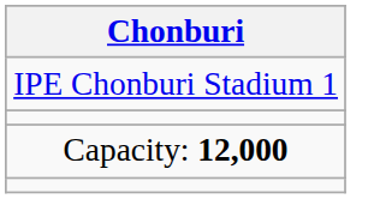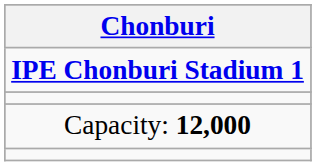 <table class="wikitable" style="text-align:center">
 <tr>
 <th><a href='#'>Chonburi</a></th>
 </tr>
 <tr>
-<td><a href='#'> IPE Chonburi Stadium 1</a></td>
+<td><strong><a href='#'> IPE Chonburi Stadium 1</a></strong></td>
 </tr>
 <tr>
 <td></td>
 </tr>
 <tr>
 <td>Capacity: <strong>12,000</strong></td>
 </tr>
 <tr>
 <td></td>
 </tr>
 </table>
